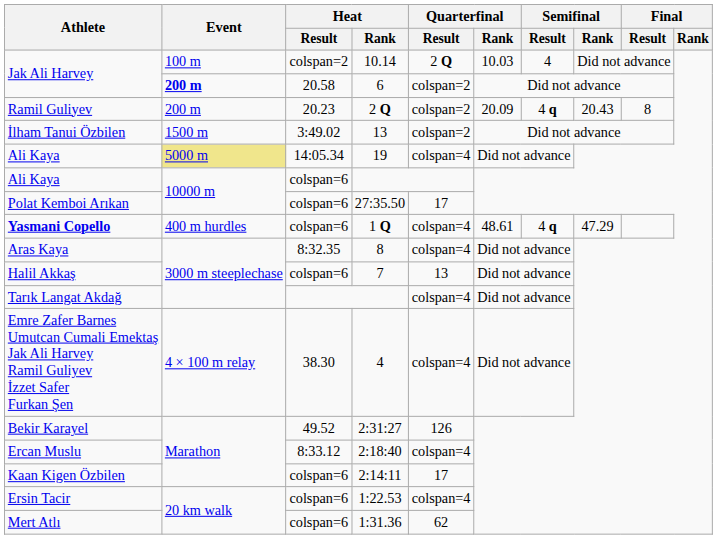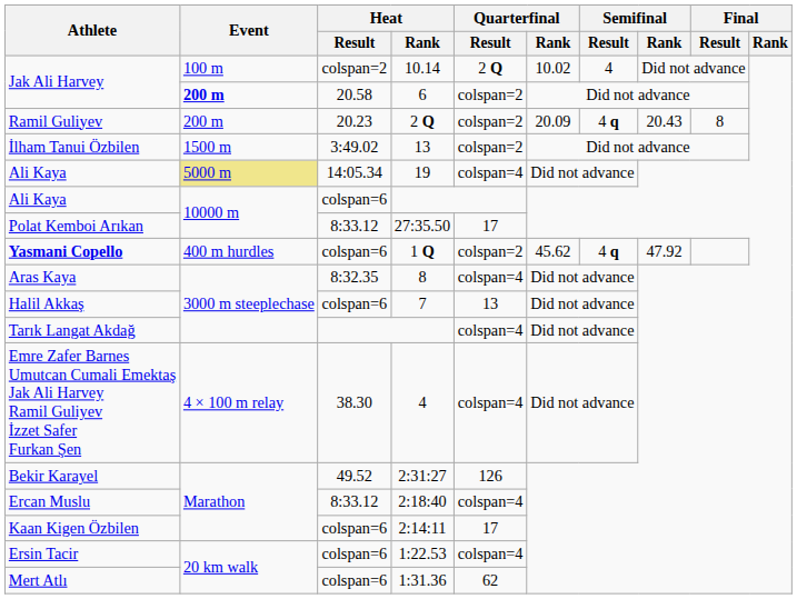 <table class="wikitable" style="font-size:90%">
 <tr>
 <th rowspan="2">Athlete</th>
 <th rowspan="2">Event</th>
 <th colspan="2">Heat</th>
 <th colspan="2">Quarterfinal</th>
 <th colspan="2">Semifinal</th>
 <th colspan="2">Final</th>
 </tr>
 <tr style="font-size:95%">
 <th>Result</th>
 <th>Rank</th>
 <th>Result</th>
 <th>Rank</th>
 <th>Result</th>
 <th>Rank</th>
 <th>Result</th>
 <th>Rank</th>
 </tr>
 <tr align=center>
 <td align=left rowspan=2><a href='#'>Jak Ali Harvey</a></td>
 <td align=left><a href='#'>100 m</a></td>
 <td>colspan=2 </td>
 <td>10.14</td>
 <td>2 <strong>Q</strong></td>
-<td>10.03</td>
+<td>10.02</td>
 <td>4</td>
 <td colspan=2>Did not advance</td>
 </tr>
 <tr align=center>
 <td align=left><strong><a href='#'>200 m</a></strong></td>
 <td>20.58</td>
 <td>6</td>
 <td>colspan=2 </td>
 <td colspan=4>Did not advance</td>
 </tr>
 <tr align=center>
 <td align=left><a href='#'>Ramil Guliyev</a></td>
 <td align=left><a href='#'>200 m</a></td>
 <td>20.23</td>
 <td>2 <strong>Q</strong></td>
 <td>colspan=2 </td>
 <td>20.09</td>
 <td>4 <strong>q</strong></td>
 <td>20.43</td>
 <td>8</td>
 </tr>
 <tr align=center>
 <td align=left><a href='#'>İlham Tanui Özbilen</a></td>
 <td align=left><a href='#'>1500 m</a></td>
 <td>3:49.02</td>
 <td>13</td>
 <td>colspan=2 </td>
 <td colspan=4>Did not advance</td>
 </tr>
 <tr align=center>
 <td align=left><a href='#'>Ali Kaya</a></td>
 <td align=left style="background: khaki;"><a href='#'>5000 m</a></td>
 <td>14:05.34</td>
 <td>19</td>
 <td>colspan=4 </td>
 <td colspan=2>Did not advance</td>
 </tr>
 <tr align=center>
 <td align=left><a href='#'>Ali Kaya</a></td>
 <td align=left rowspan=2><a href='#'>10000 m</a></td>
 <td>colspan=6 </td>
 <td colspan=2></td>
 </tr>
 <tr align=center>
 <td align=left><a href='#'>Polat Kemboi Arıkan</a></td>
-<td>colspan=6 </td>
+<td>8:33.12</td>
 <td>27:35.50</td>
 <td>17</td>
 </tr>
 <tr align=center>
 <td align=left><strong><a href='#'>Yasmani Copello</a></strong></td>
 <td align=left><a href='#'>400 m hurdles</a></td>
 <td>colspan=6 </td>
 <td>1 <strong>Q</strong></td>
-<td>colspan=4 </td>
-<td>48.61</td>
+<td>colspan=2 </td>
+<td>45.62</td>
 <td>4 <strong>q</strong></td>
-<td>47.29</td>
+<td>47.92</td>
 <td></td>
 </tr>
 <tr align=center>
 <td align=left><a href='#'>Aras Kaya</a></td>
 <td align=left rowspan=3><a href='#'>3000 m steeplechase</a></td>
 <td>8:32.35</td>
 <td>8</td>
 <td>colspan=4 </td>
 <td colspan=2>Did not advance</td>
 </tr>
 <tr align=center>
 <td align=left><a href='#'>Halil Akkaş</a></td>
 <td>colspan=6 </td>
 <td>7</td>
 <td>13</td>
 <td colspan=2>Did not advance</td>
 </tr>
 <tr align=center>
 <td align=left><a href='#'>Tarık Langat Akdağ</a></td>
 <td colspan=2></td>
 <td>colspan=4 </td>
 <td colspan=2>Did not advance</td>
 </tr>
 <tr align=center>
 <td align=left><a href='#'>Emre Zafer Barnes</a><br><a href='#'>Umutcan Cumali Emektaş</a><br><a href='#'>Jak Ali Harvey</a><br><a href='#'>Ramil Guliyev</a><br><a href='#'>İzzet Safer</a><br><a href='#'>Furkan Şen</a></td>
 <td align=left><a href='#'>4 × 100 m relay</a></td>
 <td>38.30</td>
 <td>4</td>
 <td>colspan=4 </td>
 <td colspan=2>Did not advance</td>
 </tr>
 <tr align=center>
 <td align=left><a href='#'>Bekir Karayel</a></td>
 <td align=left rowspan=3><a href='#'>Marathon</a></td>
 <td>49.52</td>
 <td>2:31:27</td>
 <td>126</td>
 </tr>
 <tr align=center>
 <td align=left><a href='#'>Ercan Muslu</a></td>
 <td>8:33.12</td>
 <td>2:18:40</td>
 <td>colspan=4 </td>
 </tr>
 <tr align=center>
 <td align=left><a href='#'>Kaan Kigen Özbilen</a></td>
 <td>colspan=6 </td>
 <td>2:14:11</td>
 <td>17</td>
 </tr>
 <tr align=center>
 <td align=left><a href='#'>Ersin Tacir</a></td>
 <td align=left rowspan=2><a href='#'>20 km walk</a></td>
 <td>colspan=6 </td>
 <td>1:22.53</td>
 <td>colspan=4 </td>
 </tr>
 <tr align=center>
 <td align=left><a href='#'>Mert Atlı</a></td>
 <td>colspan=6 </td>
 <td>1:31.36</td>
 <td>62</td>
 </tr>
 </table>
